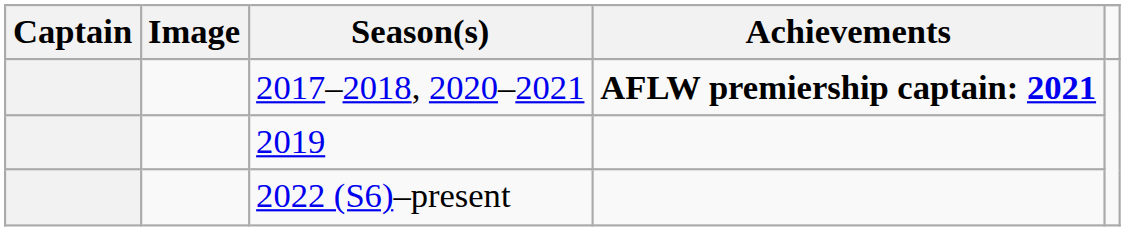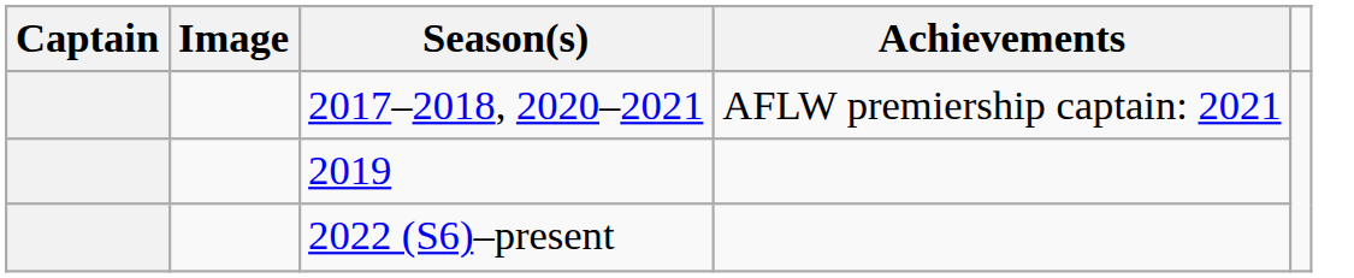 <table class="wikitable plainrowheaders sortable" style="text-align: center">
 <tr>
 <th scope="col" rowspan=2>Captain</th>
 <th scope="col" class="unsortable" rowspan=2>Image</th>
 <th scope="col" rowspan=2>Season(s)</th>
 <th scope="col" class="unsortable" rowspan=2>Achievements</th>
 </tr>
 <tr>
 <td></td>
 </tr>
 <tr>
 <th scope="row"></th>
 <td></td>
 <td align="left"><a href='#'>2017</a>–<a href='#'>2018</a>, <a href='#'>2020</a>–<a href='#'>2021</a></td>
-<td><strong>AFLW premiership captain: <a href='#'>2021</a></strong></td>
+<td>AFLW premiership captain: <a href='#'>2021</a></td>
 </tr>
 <tr>
 <th scope="row"></th>
 <td></td>
 <td align="left"><a href='#'>2019</a></td>
 <td></td>
 </tr>
 <tr>
 <th scope="row"></th>
 <td></td>
 <td align="left"><a href='#'>2022 (S6)</a>–present</td>
 <td></td>
 </tr>
 </table>
